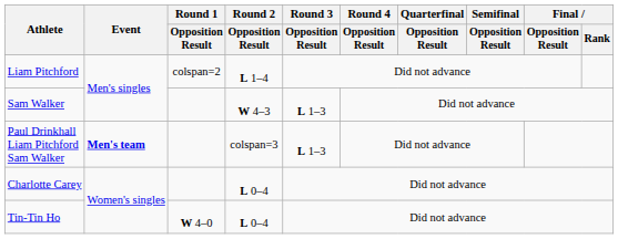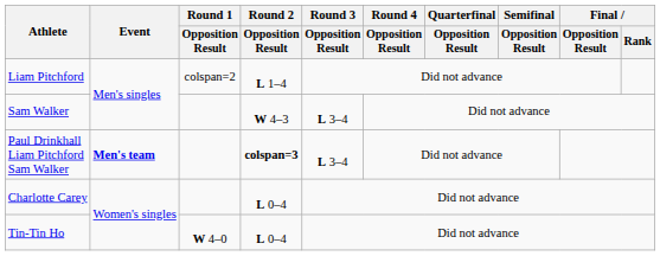 <table class=wikitable style=font-size:90%;text-align:center>
 <tr>
 <th rowspan=2>Athlete</th>
 <th rowspan=2>Event</th>
 <th>Round 1</th>
 <th>Round 2</th>
 <th>Round 3</th>
 <th>Round 4</th>
 <th>Quarterfinal</th>
 <th>Semifinal</th>
 <th colspan=2>Final / </th>
 </tr>
 <tr style=font-size:95%>
 <th>Opposition<br>Result</th>
 <th>Opposition<br>Result</th>
 <th>Opposition<br>Result</th>
 <th>Opposition<br>Result</th>
 <th>Opposition<br>Result</th>
 <th>Opposition<br>Result</th>
 <th>Opposition<br>Result</th>
 <th>Rank</th>
 </tr>
 <tr>
 <td align=left><a href='#'>Liam Pitchford</a></td>
 <td align=left rowspan=2><a href='#'>Men's singles</a></td>
 <td>colspan=2 </td>
 <td><br><strong>L</strong> 1–4</td>
 <td colspan=5>Did not advance</td>
 </tr>
 <tr>
 <td align=left><a href='#'>Sam Walker</a></td>
 <td></td>
 <td><br><strong>W</strong> 4–3</td>
-<td><br><strong>L</strong> 1–3</td>
+<td><br><strong>L</strong> 3–4</td>
 <td colspan=5>Did not advance</td>
 </tr>
 <tr>
 <td align=left><a href='#'>Paul Drinkhall</a><br><a href='#'>Liam Pitchford</a><br><a href='#'>Sam Walker</a></td>
 <td align=left><strong><a href='#'>Men's team</a></strong></td>
 <td></td>
-<td>colspan=3 </td>
-<td><br><strong>L</strong> 1–3</td>
+<td><strong>colspan=3 </strong></td>
+<td><br><strong>L</strong> 3–4</td>
 <td colspan=3>Did not advance</td>
 </tr>
 <tr>
 <td align=left><a href='#'>Charlotte Carey</a></td>
 <td align=left rowspan=2><a href='#'>Women's singles</a></td>
 <td></td>
 <td><br> <strong>L</strong> 0–4</td>
 <td colspan=6>Did not advance</td>
 </tr>
 <tr>
 <td align=left><a href='#'>Tin-Tin Ho</a></td>
 <td><br><strong>W</strong> 4–0</td>
 <td><br><strong>L</strong> 0–4</td>
 <td colspan=6>Did not advance</td>
 </tr>
 </table>
